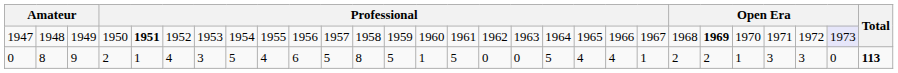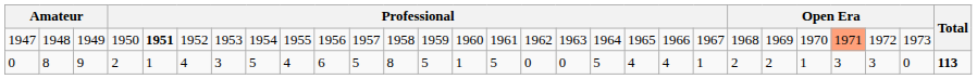 <table class="wikitable" style="font-size:89%;">
 <tr>
 <th colspan="3">Amateur</th>
 <th colspan="18">Professional</th>
 <th colspan="6">Open Era</th>
 <th rowspan="2">Total</th>
 </tr>
 <tr>
 <td>1947</td>
 <td>1948</td>
 <td>1949</td>
 <td>1950</td>
 <td><strong>1951</strong></td>
 <td>1952</td>
 <td>1953</td>
 <td>1954</td>
 <td>1955</td>
 <td>1956</td>
 <td>1957</td>
 <td>1958</td>
 <td>1959</td>
 <td>1960</td>
 <td>1961</td>
 <td>1962</td>
 <td>1963</td>
 <td>1964</td>
 <td>1965</td>
 <td>1966</td>
 <td>1967</td>
 <td>1968</td>
-<td><strong>1969</strong></td>
+<td>1969</td>
 <td>1970</td>
-<td>1971</td>
+<td style="background: lightsalmon;">1971</td>
 <td>1972</td>
-<td style="background: lavender;">1973</td>
+<td>1973</td>
 </tr>
 <tr>
 <td>0</td>
 <td>8</td>
 <td>9</td>
 <td>2</td>
 <td>1</td>
 <td>4</td>
 <td>3</td>
 <td>5</td>
 <td>4</td>
 <td>6</td>
 <td>5</td>
 <td>8</td>
 <td>5</td>
 <td>1</td>
 <td>5</td>
 <td>0</td>
 <td>0</td>
 <td>5</td>
 <td>4</td>
 <td>4</td>
 <td>1</td>
 <td>2</td>
 <td>2</td>
 <td>1</td>
 <td>3</td>
 <td>3</td>
 <td>0</td>
 <td><strong>113</strong></td>
 </tr>
 </table>
